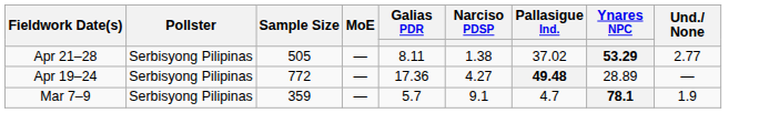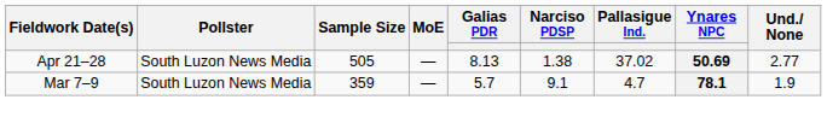 <table class="wikitable" style="text-align:center;font-size:85%;line-height:14px">
 <tr>
 <th rowspan="2">Fieldwork Date(s)</th>
 <th rowspan="2">Pollster</th>
 <th rowspan="2">Sample Size</th>
 <th rowspan="2">MoE</th>
 <th style="width:60px;">Galias<br><small><a href='#'>PDR</a></small></th>
 <th style="width:60px;">Narciso<br><small><a href='#'>PDSP</a></small></th>
 <th style="width:60px;">Pallasigue<br><small><a href='#'>Ind.</a></small></th>
 <th style="width:60px;"><a href='#'>Ynares</a><br><small><a href='#'>NPC</a></small></th>
 <th rowspan="2" style="width:60px;">Und./<br>None</th>
 </tr>
 <tr>
 <th style="background:"></th>
 <th style="background:"></th>
 <th style="background:"></th>
 <th style="background:"></th>
 </tr>
 <tr>
 <td>Apr 21–28</td>
-<td>Serbisyong Pilipinas</td>
+<td>South Luzon News Media</td>
 <td>505</td>
 <td>—</td>
-<td>8.11</td>
+<td>8.13</td>
 <td>1.38</td>
 <td>37.02</td>
-<th style="background-color:#"><strong>53.29</strong></th>
+<th style="background-color:#"><strong>50.69</strong></th>
 <td>2.77</td>
 </tr>
 <tr>
-<td>Apr 19–24</td>
-<td>Serbisyong Pilipinas</td>
-<td>772</td>
-<td>—</td>
-<td>17.36</td>
-<td>4.27</td>
-<th style="background-color:#"><strong>49.48</strong></th>
-<td>28.89</td>
-<td>—</td>
-</tr>
-<tr>
 <td>Mar 7–9</td>
-<td>Serbisyong Pilipinas</td>
+<td>South Luzon News Media</td>
 <td>359</td>
 <td>—</td>
 <td>5.7</td>
 <td>9.1</td>
 <td>4.7</td>
 <th style="background-color:#"><strong>78.1</strong></th>
 <td>1.9</td>
 </tr>
 </table>
